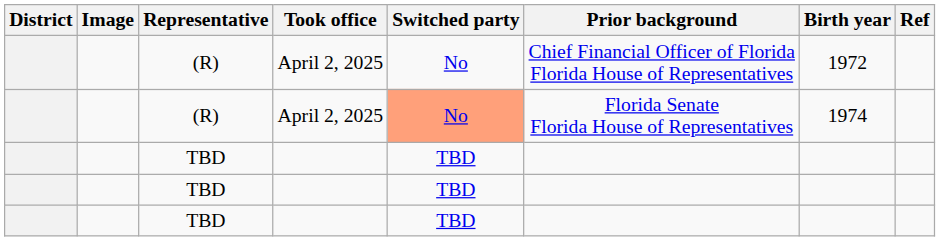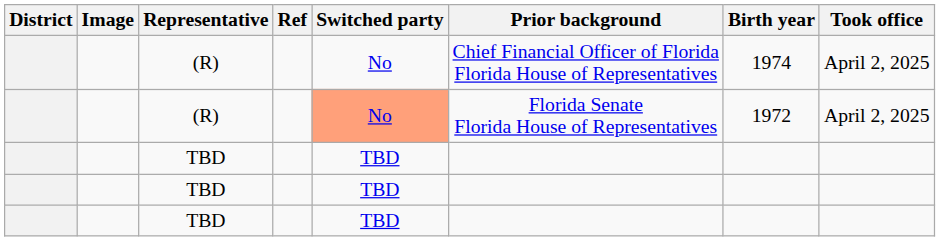 <table class="sortable wikitable" style="text-align:center">
 <tr>
 <th>District</th>
 <th>Image</th>
 <th>Representative</th>
-<th>Took office</th>
+<th>Ref</th>
 <th>Switched party</th>
 <th>Prior background</th>
 <th>Birth year</th>
-<th>Ref</th>
+<th>Took office</th>
 </tr>
 <tr>
 <th></th>
 <td></td>
 <td> (R)</td>
-<td>April 2, 2025</td>
+<td></td>
 <td><a href='#'>No</a><br></td>
 <td><a href='#'>Chief Financial Officer of Florida</a><br><a href='#'>Florida House of Representatives</a></td>
-<td>1972</td>
-<td></td>
+<td>1974</td>
+<td>April 2, 2025</td>
 </tr>
 <tr>
 <th></th>
 <td></td>
 <td> (R)</td>
-<td>April 2, 2025</td>
+<td></td>
 <td style="background: lightsalmon;"><a href='#'>No</a><br></td>
 <td><a href='#'>Florida Senate</a><br><a href='#'>Florida House of Representatives</a></td>
-<td>1974</td>
-<td></td>
+<td>1972</td>
+<td>April 2, 2025</td>
 </tr>
 <tr>
 <th></th>
 <td></td>
 <td>TBD</td>
 <td></td>
 <td><a href='#'>TBD</a><br></td>
 <td></td>
 <td></td>
 <td></td>
 </tr>
 <tr>
 <th></th>
 <td></td>
 <td>TBD</td>
 <td></td>
 <td><a href='#'>TBD</a><br></td>
 <td></td>
 <td></td>
 <td></td>
 </tr>
 <tr>
 <th></th>
 <td></td>
 <td>TBD</td>
 <td></td>
 <td><a href='#'>TBD</a><br></td>
 <td></td>
 <td></td>
 <td></td>
 </tr>
 </table>
